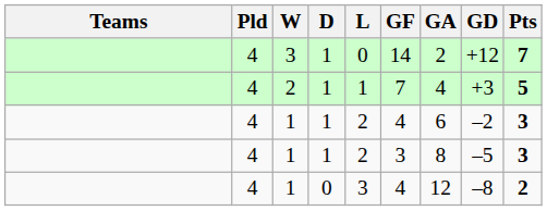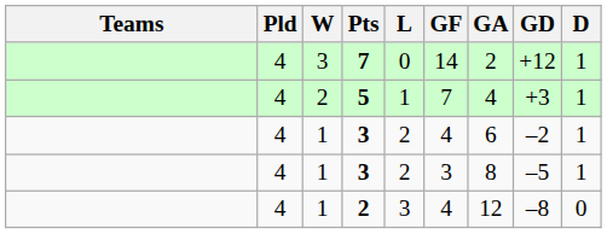 <table class="wikitable" style="text-align: center;">
 <tr>
 <th width=165>Teams</th>
 <th width=20>Pld</th>
 <th width=20>W</th>
-<th width=20>D</th>
+<th width=20>Pts</th>
 <th width=20>L</th>
 <th width=20>GF</th>
 <th width=20>GA</th>
 <th width=20>GD</th>
-<th width=20>Pts</th>
+<th width=20>D</th>
 </tr>
 <tr align=center style="background:#ccffcc;">
 <td style="text-align:left;"></td>
 <td>4</td>
 <td>3</td>
-<td>1</td>
+<td><strong>7</strong></td>
 <td>0</td>
 <td>14</td>
 <td>2</td>
 <td>+12</td>
-<td><strong>7</strong></td>
+<td>1</td>
 </tr>
 <tr align=center style="background:#ccffcc;">
 <td style="text-align:left;"></td>
 <td>4</td>
 <td>2</td>
-<td>1</td>
+<td><strong>5</strong></td>
 <td>1</td>
 <td>7</td>
 <td>4</td>
 <td>+3</td>
-<td><strong>5</strong></td>
+<td>1</td>
 </tr>
 <tr align=center>
 <td style="text-align:left;"></td>
 <td>4</td>
 <td>1</td>
-<td>1</td>
+<td><strong>3</strong></td>
 <td>2</td>
 <td>4</td>
 <td>6</td>
 <td>–2</td>
-<td><strong>3</strong></td>
+<td>1</td>
 </tr>
 <tr align=center>
 <td style="text-align:left;"></td>
 <td>4</td>
 <td>1</td>
-<td>1</td>
+<td><strong>3</strong></td>
 <td>2</td>
 <td>3</td>
 <td>8</td>
 <td>–5</td>
-<td><strong>3</strong></td>
+<td>1</td>
 </tr>
 <tr align=center>
 <td style="text-align:left;"></td>
 <td>4</td>
 <td>1</td>
-<td>0</td>
+<td><strong>2</strong></td>
 <td>3</td>
 <td>4</td>
 <td>12</td>
 <td>–8</td>
-<td><strong>2</strong></td>
+<td>0</td>
 </tr>
 </table>
